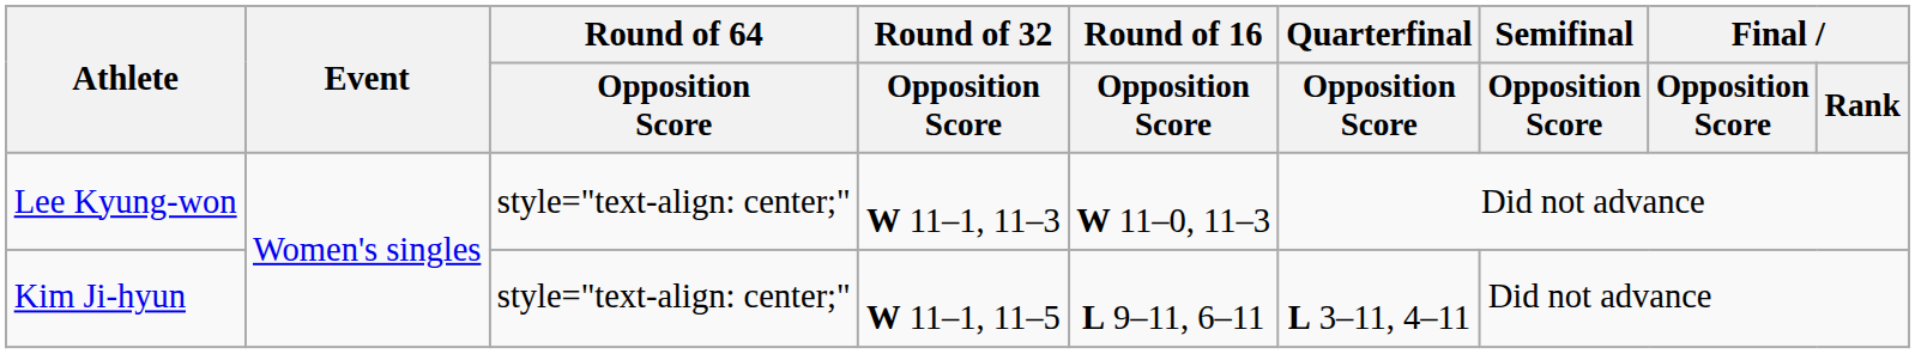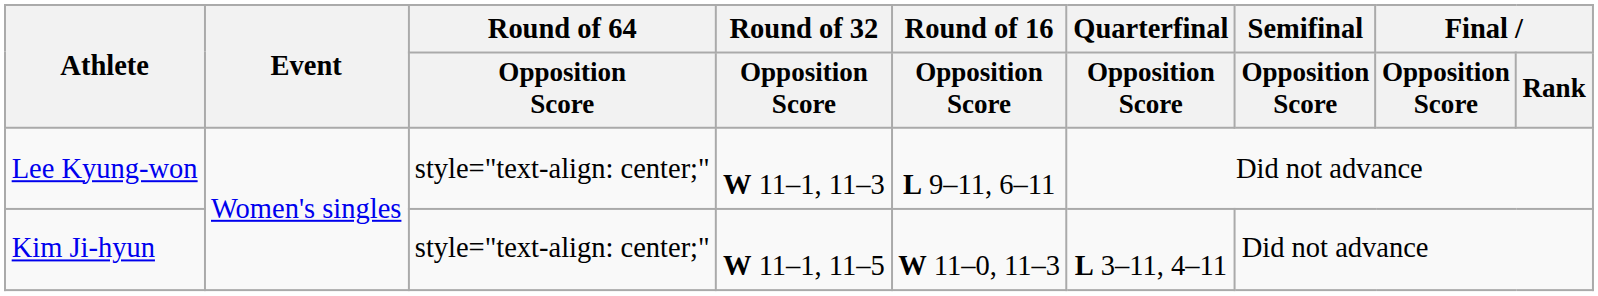 <table class=wikitable style="font-size:90%">
 <tr>
 <th rowspan="2">Athlete</th>
 <th rowspan="2">Event</th>
 <th>Round of 64</th>
 <th>Round of 32</th>
 <th>Round of 16</th>
 <th>Quarterfinal</th>
 <th>Semifinal</th>
 <th colspan=2>Final / </th>
 </tr>
 <tr style="font-size:95%">
 <th>Opposition<br>Score</th>
 <th>Opposition<br>Score</th>
 <th>Opposition<br>Score</th>
 <th>Opposition<br>Score</th>
 <th>Opposition<br>Score</th>
 <th>Opposition<br>Score</th>
 <th>Rank</th>
 </tr>
 <tr>
 <td style="text-align: left;"><a href='#'>Lee Kyung-won</a></td>
 <td rowspan=2 style="text-align: left;"><a href='#'>Women's singles</a></td>
 <td>style="text-align: center;" </td>
 <td style="text-align: center;"><br><strong>W</strong> 11–1, 11–3</td>
-<td style="text-align: center;"><br><strong>W</strong> 11–0, 11–3</td>
+<td style="text-align: center;"><br><strong>L</strong> 9–11, 6–11</td>
 <td colspan=4 style="text-align: center;">Did not advance</td>
 </tr>
 <tr>
 <td style="text-align: left;"><a href='#'>Kim Ji-hyun</a></td>
 <td>style="text-align: center;" </td>
 <td style="text-align: center;"><br><strong>W</strong> 11–1, 11–5</td>
-<td style="text-align: center;"><br><strong>L</strong> 9–11, 6–11</td>
+<td style="text-align: center;"><br><strong>W</strong> 11–0, 11–3</td>
 <td style="text-align: center;"><br><strong>L</strong> 3–11, 4–11</td>
 <td colspan=3>Did not advance</td>
 </tr>
 </table>
